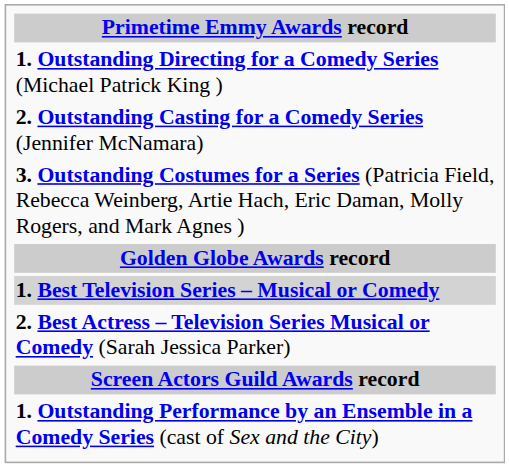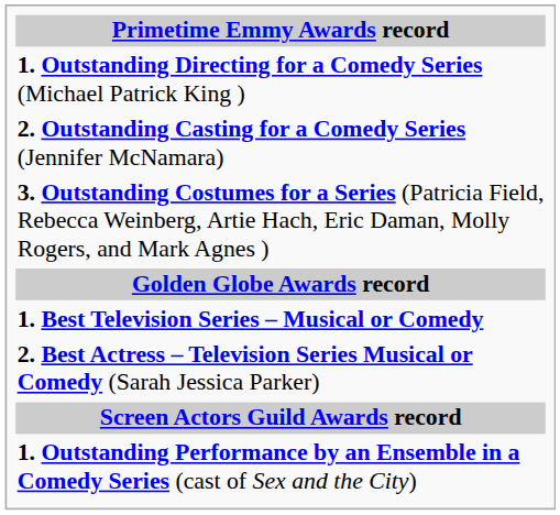 <table class="infobox" style="width: 23em; font-size: 85%;">
 <tr style="background:#ccc; text-align:center;">
 <th colspan="2"><a href='#'>Primetime Emmy Awards</a> record</th>
 </tr>
 <tr>
 <td><strong>1. <a href='#'>Outstanding Directing for a Comedy Series</a></strong> (Michael Patrick King )</td>
 </tr>
 <tr>
 <td><strong>2. <a href='#'>Outstanding Casting for a Comedy Series</a></strong> (Jennifer McNamara)</td>
 </tr>
 <tr>
 <td><strong>3. <a href='#'>Outstanding Costumes for a Series</a></strong> (Patricia Field, Rebecca Weinberg, Artie Hach, Eric Daman, Molly Rogers, and Mark Agnes )</td>
 </tr>
 <tr style="background:#ccc; text-align:center;">
 <th colspan="2"><a href='#'>Golden Globe Awards</a> record</th>
 </tr>
 <tr>
-<td style="background: lightgrey;"><strong>1. <a href='#'>Best Television Series – Musical or Comedy</a></strong></td>
+<td><strong>1. <a href='#'>Best Television Series – Musical or Comedy</a></strong></td>
 </tr>
 <tr>
 <td><strong>2. <a href='#'>Best Actress – Television Series Musical or Comedy</a></strong> (Sarah Jessica Parker)</td>
 </tr>
 <tr style="background:#ccc; text-align:center;">
 <th colspan="2"><a href='#'>Screen Actors Guild Awards</a> record</th>
 </tr>
 <tr>
 <td><strong>1. <a href='#'>Outstanding Performance by an Ensemble in a Comedy Series</a></strong>  (cast of <em>Sex and the City</em>)</td>
 </tr>
 <tr>
 </tr>
 </table>
